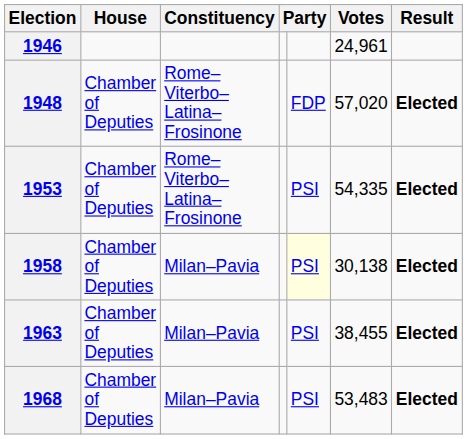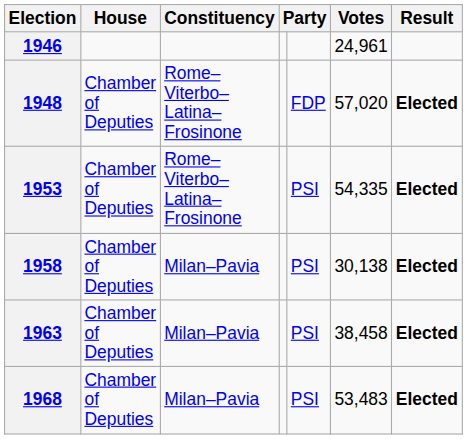 <table class=wikitable style="width:58%; border:1px #AAAAFF solid">
 <tr>
 <th width=12%>Election</th>
 <th width=23%>House</th>
 <th width=35%>Constituency</th>
 <th width=5% colspan="2">Party</th>
 <th width=12%>Votes</th>
 <th width=12%>Result</th>
 </tr>
 <tr>
 <th><a href='#'>1946</a></th>
 <td></td>
 <td></td>
 <td></td>
 <td></td>
 <td>24,961</td>
 <td></td>
 </tr>
 <tr>
 <th><a href='#'>1948</a></th>
 <td><a href='#'>Chamber of Deputies</a></td>
 <td><a href='#'>Rome–Viterbo–Latina–Frosinone</a></td>
 <td></td>
 <td><a href='#'>FDP</a></td>
 <td>57,020</td>
 <td> <strong>Elected</strong></td>
 </tr>
 <tr>
 <th><a href='#'>1953</a></th>
 <td><a href='#'>Chamber of Deputies</a></td>
 <td><a href='#'>Rome–Viterbo–Latina–Frosinone</a></td>
 <td></td>
 <td><a href='#'>PSI</a></td>
 <td>54,335</td>
 <td> <strong>Elected</strong></td>
 </tr>
 <tr>
 <th><a href='#'>1958</a></th>
 <td><a href='#'>Chamber of Deputies</a></td>
 <td><a href='#'>Milan–Pavia</a></td>
 <td></td>
-<td style="background: lightyellow;"><a href='#'>PSI</a></td>
+<td><a href='#'>PSI</a></td>
 <td>30,138</td>
 <td> <strong>Elected</strong></td>
 </tr>
 <tr>
 <th><a href='#'>1963</a></th>
 <td><a href='#'>Chamber of Deputies</a></td>
 <td><a href='#'>Milan–Pavia</a></td>
 <td></td>
 <td><a href='#'>PSI</a></td>
-<td>38,455</td>
+<td>38,458</td>
 <td> <strong>Elected</strong></td>
 </tr>
 <tr>
 <th><a href='#'>1968</a></th>
 <td><a href='#'>Chamber of Deputies</a></td>
 <td><a href='#'>Milan–Pavia</a></td>
 <td></td>
 <td><a href='#'>PSI</a></td>
 <td>53,483</td>
 <td> <strong>Elected</strong></td>
 </tr>
 </table>
